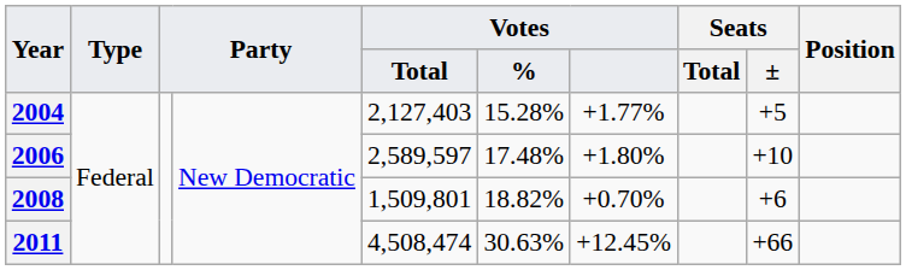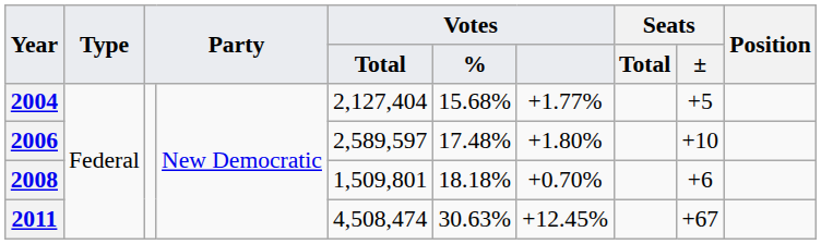 <table class="wikitable" style="font-size:90%; text-align:center;">
 <tr>
 <th rowspan="2" style="background:#eaecf0;">Year</th>
 <th rowspan="2" style="background:#eaecf0;">Type</th>
 <th colspan="2" rowspan="2" style="background:#eaecf0;">Party</th>
 <th colspan="3" style="background:#eaecf0;">Votes</th>
 <th colspan="2">Seats</th>
 <th rowspan="2">Position</th>
 </tr>
 <tr>
 <th style="background:#eaecf0;">Total</th>
 <th style="background:#eaecf0;">%</th>
 <th style="background:#eaecf0;"></th>
 <th>Total</th>
 <th>±</th>
 </tr>
 <tr>
 <th><a href='#'>2004</a></th>
 <td rowspan="4">Federal</td>
 <td rowspan="4" style="background-color:"></td>
 <td rowspan="4"><a href='#'>New Democratic</a></td>
-<td>2,127,403</td>
-<td>15.28%</td>
+<td>2,127,404</td>
+<td>15.68%</td>
 <td>+1.77%</td>
 <td></td>
 <td>+5</td>
 <td></td>
 </tr>
 <tr>
 <th><a href='#'>2006</a></th>
 <td>2,589,597</td>
 <td>17.48%</td>
 <td>+1.80%</td>
 <td></td>
 <td>+10</td>
 <td></td>
 </tr>
 <tr>
 <th><a href='#'>2008</a></th>
 <td>1,509,801</td>
-<td>18.82%</td>
+<td>18.18%</td>
 <td>+0.70%</td>
 <td></td>
 <td>+6</td>
 <td></td>
 </tr>
 <tr>
 <th><a href='#'>2011</a></th>
 <td>4,508,474</td>
 <td>30.63%</td>
 <td>+12.45%</td>
 <td></td>
-<td>+66</td>
+<td>+67</td>
 <td></td>
 </tr>
 </table>
